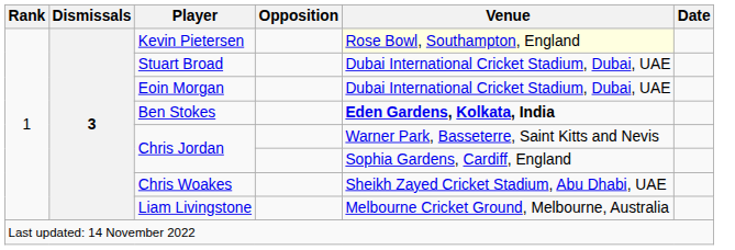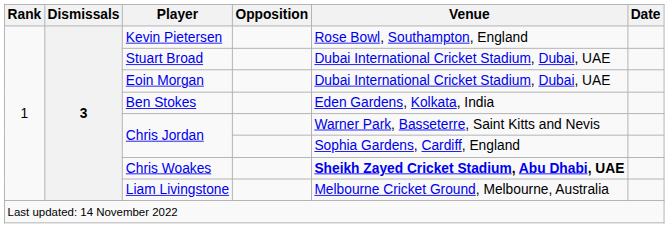 <table class="wikitable plainrowheaders">
 <tr>
 <th scope=col>Rank</th>
 <th scope=col>Dismissals</th>
 <th scope=col>Player</th>
 <th scope=col>Opposition</th>
 <th scope=col>Venue</th>
 <th scope=col>Date</th>
 </tr>
 <tr>
 <td align=center rowspan=8>1</td>
 <th scope=row style=text-align:center; rowspan=8>3</th>
 <td><a href='#'>Kevin Pietersen</a></td>
 <td></td>
-<td style="background: lightyellow;"><a href='#'>Rose Bowl</a>, <a href='#'>Southampton</a>, England</td>
+<td><a href='#'>Rose Bowl</a>, <a href='#'>Southampton</a>, England</td>
 <td></td>
 </tr>
 <tr>
 <td><a href='#'>Stuart Broad</a></td>
 <td></td>
 <td><a href='#'>Dubai International Cricket Stadium</a>, <a href='#'>Dubai</a>, UAE</td>
 <td></td>
 </tr>
 <tr>
 <td><a href='#'>Eoin Morgan</a></td>
 <td></td>
 <td><a href='#'>Dubai International Cricket Stadium</a>, <a href='#'>Dubai</a>, UAE</td>
 <td></td>
 </tr>
 <tr>
 <td><a href='#'>Ben Stokes</a></td>
 <td></td>
-<td><strong><a href='#'>Eden Gardens</a>, <a href='#'>Kolkata</a>, India</strong></td>
+<td><a href='#'>Eden Gardens</a>, <a href='#'>Kolkata</a>, India</td>
 <td></td>
 </tr>
 <tr>
 <td rowspan="2"><a href='#'>Chris Jordan</a></td>
 <td></td>
 <td><a href='#'>Warner Park</a>, <a href='#'>Basseterre</a>, Saint Kitts and Nevis</td>
 <td></td>
 </tr>
 <tr>
 <td></td>
 <td><a href='#'>Sophia Gardens</a>, <a href='#'>Cardiff</a>, England</td>
 <td></td>
 </tr>
 <tr>
 <td><a href='#'>Chris Woakes</a></td>
 <td></td>
-<td><a href='#'>Sheikh Zayed Cricket Stadium</a>, <a href='#'>Abu Dhabi</a>, UAE</td>
+<td><strong><a href='#'>Sheikh Zayed Cricket Stadium</a>, <a href='#'>Abu Dhabi</a>, UAE</strong></td>
 <td></td>
 </tr>
 <tr>
 <td><a href='#'>Liam Livingstone</a></td>
 <td></td>
 <td><a href='#'>Melbourne Cricket Ground</a>, Melbourne, Australia</td>
 <td> </td>
 </tr>
 <tr>
 <td colspan=6><small>Last updated: 14 November 2022</small></td>
 </tr>
 </table>
